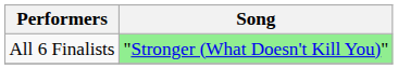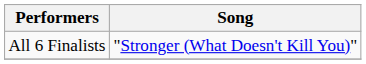 <table class="wikitable" style="text-align: center; width: auto;">
 <tr>
 <th>Performers</th>
 <th>Song</th>
 </tr>
 <tr>
 <td>All 6 Finalists</td>
-<td style="background: lightgreen;">"<a href='#'>Stronger (What Doesn't Kill You)</a>"</td>
+<td>"<a href='#'>Stronger (What Doesn't Kill You)</a>"</td>
 </tr>
 <tr>
 </tr>
 </table>
